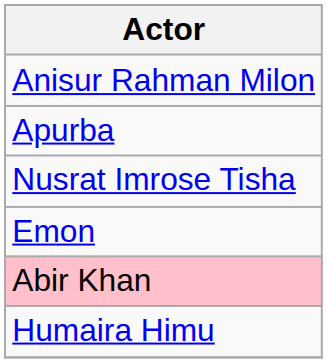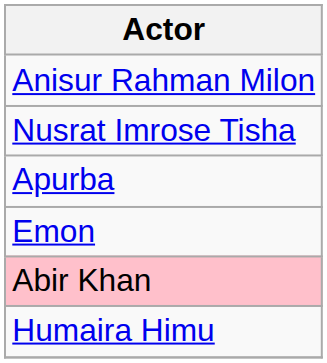 <table class="wikitable">
 <tr>
 <th>Actor</th>
 </tr>
 <tr>
 <td><a href='#'>Anisur Rahman Milon</a></td>
 </tr>
 <tr>
-<td><a href='#'>Apurba</a></td>
+<td><a href='#'>Nusrat Imrose Tisha</a></td>
 </tr>
 <tr>
-<td><a href='#'>Nusrat Imrose Tisha</a></td>
+<td><a href='#'>Apurba</a></td>
 </tr>
 <tr>
 <td><a href='#'>Emon</a></td>
 </tr>
 <tr>
 <td style="background: pink;">Abir Khan</td>
 </tr>
 <tr>
 <td><a href='#'>Humaira Himu</a></td>
 </tr>
 <tr>
 </tr>
 </table>
